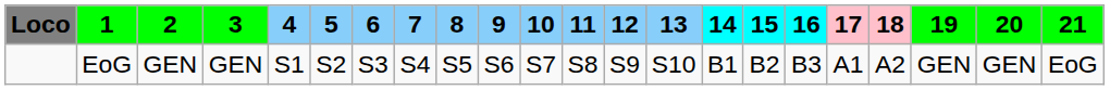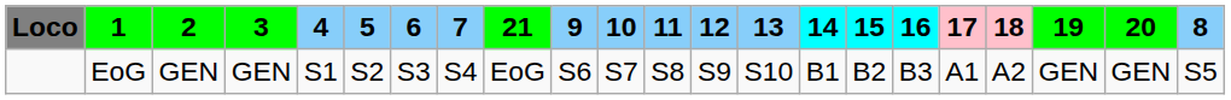 <table class="wikitable plainrowheaders unsortable" style="text-align:center">
 <tr>
 <th scope="col" rowspan="1" style="background:grey;">Loco</th>
 <th scope="col" rowspan="1" style="background:lime;">1</th>
 <th scope="col" rowspan="1" style="background:lime;">2</th>
 <th scope="col" rowspan="1" style="background:lime;">3</th>
 <th scope="col" rowspan="1" style="background:lightskyblue;">4</th>
 <th scope="col" rowspan="1" style="background:lightskyblue;">5</th>
 <th scope="col" rowspan="1" style="background:lightskyblue;">6</th>
 <th scope="col" rowspan="1" style="background:lightskyblue;">7</th>
-<th scope="col" rowspan="1" style="background:lightskyblue;">8</th>
+<th scope="col" rowspan="1" style="background:lime;">21</th>
 <th scope="col" rowspan="1" style="background:lightskyblue;">9</th>
 <th scope="col" rowspan="1" style="background:lightskyblue;">10</th>
 <th scope="col" rowspan="1" style="background:lightskyblue;">11</th>
 <th scope="col" rowspan="1" style="background:lightskyblue;">12</th>
 <th scope="col" rowspan="1" style="background:lightskyblue;">13</th>
 <th scope="col" rowspan="1" style="background:cyan;">14</th>
 <th scope="col" rowspan="1" style="background:cyan;">15</th>
 <th scope="col" rowspan="1" style="background:cyan;">16</th>
 <th scope="col" rowspan="1" style="background:pink;">17</th>
 <th scope="col" rowspan="1" style="background:pink;">18</th>
 <th scope="col" rowspan="1" style="background:lime;">19</th>
 <th scope="col" rowspan="1" style="background:lime;">20</th>
-<th scope="col" rowspan="1" style="background:lime;">21</th>
+<th scope="col" rowspan="1" style="background:lightskyblue;">8</th>
 </tr>
 <tr>
 <td></td>
 <td>EoG</td>
 <td>GEN</td>
 <td>GEN</td>
 <td>S1</td>
 <td>S2</td>
 <td>S3</td>
 <td>S4</td>
-<td>S5</td>
+<td>EoG</td>
 <td>S6</td>
 <td>S7</td>
 <td>S8</td>
 <td>S9</td>
 <td>S10</td>
 <td>B1</td>
 <td>B2</td>
 <td>B3</td>
 <td>A1</td>
 <td>A2</td>
 <td>GEN</td>
 <td>GEN</td>
-<td>EoG</td>
+<td>S5</td>
 </tr>
 </table>
